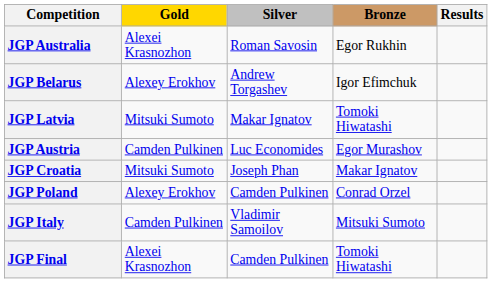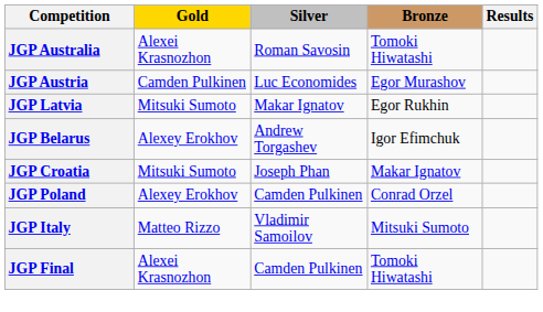 <table class="wikitable unsortable" style="text-align:left; width:90%">
 <tr>
 <th scope="col" style="text-align:center; width:25%;">Competition</th>
 <td scope="col" style="text-align:center; width:22.5%; background:gold"><strong>Gold</strong></td>
 <td scope="col" style="text-align:center; width:22.5%; background:silver"><strong>Silver</strong></td>
 <td scope="col" style="text-align:center; width:22.5%; background:#c96"><strong>Bronze</strong></td>
 <th scope="col" style="text-align:center; width:7.5%;">Results</th>
 </tr>
 <tr>
 <th scope="row" style="text-align:left"> <a href='#'>JGP Australia</a></th>
 <td> <a href='#'>Alexei Krasnozhon</a></td>
 <td> <a href='#'>Roman Savosin</a></td>
+<td> <a href='#'>Tomoki Hiwatashi</a></td>
+<td></td>
+</tr>
+<tr>
+<th scope="row" style="text-align:left"> <a href='#'>JGP Austria</a></th>
+<td> <a href='#'>Camden Pulkinen</a></td>
+<td> <a href='#'>Luc Economides</a></td>
+<td> <a href='#'>Egor Murashov</a></td>
+<td></td>
+</tr>
+<tr>
+<th scope="row" style="text-align:left"> <a href='#'>JGP Latvia</a></th>
+<td> <a href='#'>Mitsuki Sumoto</a></td>
+<td> <a href='#'>Makar Ignatov</a></td>
 <td> Egor Rukhin</td>
 <td></td>
 </tr>
 <tr>
 <th scope="row" style="text-align:left"> <a href='#'>JGP Belarus</a></th>
 <td> <a href='#'>Alexey Erokhov</a></td>
 <td> <a href='#'>Andrew Torgashev</a></td>
 <td> Igor Efimchuk</td>
-<td></td>
-</tr>
-<tr>
-<th scope="row" style="text-align:left"> <a href='#'>JGP Latvia</a></th>
-<td> <a href='#'>Mitsuki Sumoto</a></td>
-<td> <a href='#'>Makar Ignatov</a></td>
-<td> <a href='#'>Tomoki Hiwatashi</a></td>
-<td></td>
-</tr>
-<tr>
-<th scope="row" style="text-align:left"> <a href='#'>JGP Austria</a></th>
-<td> <a href='#'>Camden Pulkinen</a></td>
-<td> <a href='#'>Luc Economides</a></td>
-<td> <a href='#'>Egor Murashov</a></td>
 <td></td>
 </tr>
 <tr>
 <th scope="row" style="text-align:left"> <a href='#'>JGP Croatia</a></th>
 <td> <a href='#'>Mitsuki Sumoto</a></td>
 <td> <a href='#'>Joseph Phan</a></td>
 <td> <a href='#'>Makar Ignatov</a></td>
 <td></td>
 </tr>
 <tr>
 <th scope="row" style="text-align:left"> <a href='#'>JGP Poland</a></th>
 <td> <a href='#'>Alexey Erokhov</a></td>
 <td> <a href='#'>Camden Pulkinen</a></td>
 <td> <a href='#'>Conrad Orzel</a></td>
 <td></td>
 </tr>
 <tr>
 <th scope="row" style="text-align:left"> <a href='#'>JGP Italy</a></th>
-<td> <a href='#'>Camden Pulkinen</a></td>
+<td> <a href='#'>Matteo Rizzo</a></td>
 <td> <a href='#'>Vladimir Samoilov</a></td>
 <td> <a href='#'>Mitsuki Sumoto</a></td>
 <td></td>
 </tr>
 <tr>
 <th scope="row" style="text-align:left"> <a href='#'>JGP Final</a></th>
 <td> <a href='#'>Alexei Krasnozhon</a></td>
 <td> <a href='#'>Camden Pulkinen</a></td>
 <td> <a href='#'>Tomoki Hiwatashi</a></td>
 <td></td>
 </tr>
 </table>
